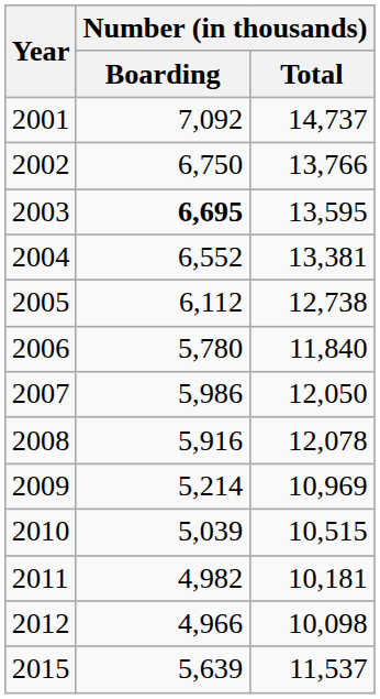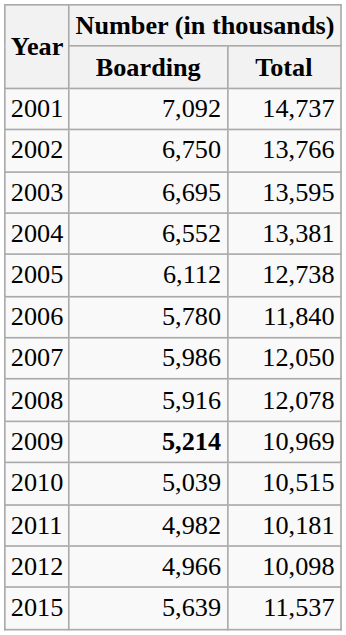 <table class=wikitable>
 <tr>
 <th rowspan=2>Year</th>
 <th colspan=2>Number (in thousands)</th>
 </tr>
 <tr>
 <th>Boarding</th>
 <th>Total</th>
 </tr>
 <tr>
 <td>2001</td>
 <td align=right>7,092</td>
 <td align=right>14,737</td>
 </tr>
 <tr>
 <td>2002</td>
 <td align=right>6,750</td>
 <td align=right>13,766</td>
 </tr>
 <tr>
 <td>2003</td>
-<td align=right><strong>6,695</strong></td>
+<td align=right>6,695</td>
 <td align=right>13,595</td>
 </tr>
 <tr>
 <td>2004</td>
 <td align=right>6,552</td>
 <td align=right>13,381</td>
 </tr>
 <tr>
 <td>2005</td>
 <td align=right>6,112</td>
 <td align=right>12,738</td>
 </tr>
 <tr>
 <td>2006</td>
 <td align=right>5,780</td>
 <td align=right>11,840</td>
 </tr>
 <tr>
 <td>2007</td>
 <td align=right>5,986</td>
 <td align=right>12,050</td>
 </tr>
 <tr>
 <td>2008</td>
 <td align=right>5,916</td>
 <td align=right>12,078</td>
 </tr>
 <tr>
 <td>2009</td>
-<td align=right>5,214</td>
+<td align=right><strong>5,214</strong></td>
 <td align=right>10,969</td>
 </tr>
 <tr>
 <td>2010</td>
 <td align=right>5,039</td>
 <td align=right>10,515</td>
 </tr>
 <tr>
 <td>2011</td>
 <td align=right>4,982</td>
 <td align=right>10,181</td>
 </tr>
 <tr>
 <td>2012</td>
 <td align=right>4,966</td>
 <td align=right>10,098</td>
 </tr>
 <tr>
 <td>2015</td>
 <td align=right>5,639</td>
 <td align=right>11,537</td>
 </tr>
 </table>
